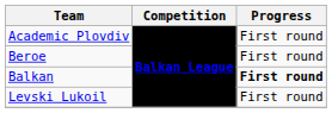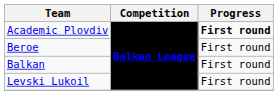 <table class="wikitable sortable">
 <tr>
 <th>Team</th>
 <th>Competition</th>
 <th>Progress</th>
 </tr>
 <tr>
 <td><a href='#'>Academic Plovdiv</a></td>
 <td align="center" style="background:black;" rowspan=4><a href='#'><span><strong>Balkan League</strong></span></a></td>
-<td>First round</td>
+<td><strong>First round</strong></td>
 </tr>
 <tr>
 <td><a href='#'>Beroe</a></td>
 <td>First round</td>
 </tr>
 <tr>
 <td><a href='#'>Balkan</a></td>
-<td><strong>First round</strong></td>
+<td>First round</td>
 </tr>
 <tr>
 <td><a href='#'>Levski Lukoil</a></td>
 <td>First round</td>
 </tr>
 <tr>
 </tr>
 </table>
